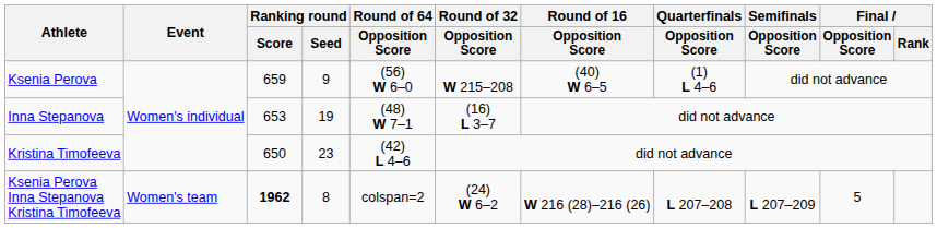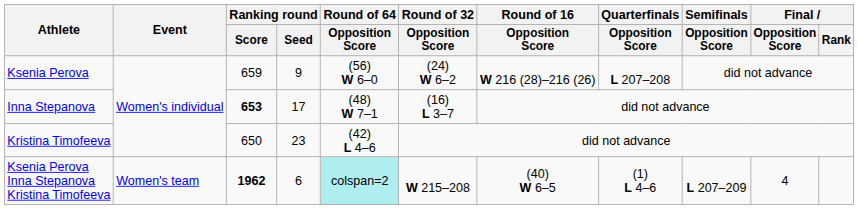 <table class="wikitable" style="font-size:90%">
 <tr>
 <th rowspan=2>Athlete</th>
 <th rowspan=2>Event</th>
 <th colspan="2">Ranking round</th>
 <th>Round of 64</th>
 <th>Round of 32</th>
 <th>Round of 16</th>
 <th>Quarterfinals</th>
 <th>Semifinals</th>
 <th colspan="2">Final / </th>
 </tr>
 <tr style="font-size:95%">
 <th>Score</th>
 <th>Seed</th>
 <th>Opposition<br>Score</th>
 <th>Opposition<br>Score</th>
 <th>Opposition<br>Score</th>
 <th>Opposition<br>Score</th>
 <th>Opposition<br>Score</th>
 <th>Opposition<br>Score</th>
 <th>Rank</th>
 </tr>
 <tr align=center>
 <td align=left><a href='#'>Ksenia Perova</a></td>
 <td align=left rowspan=3><a href='#'>Women's individual</a></td>
 <td>659</td>
 <td>9</td>
 <td> (56)<br><strong>W</strong> 6–0</td>
-<td><br><strong>W</strong> 215–208</td>
-<td> (40)<br><strong>W</strong> 6–5</td>
-<td> (1)<br><strong>L</strong> 4–6</td>
+<td> (24)<br><strong>W</strong> 6–2</td>
+<td><br><strong>W</strong> 216 (28)–216 (26)</td>
+<td><br><strong>L</strong> 207–208</td>
 <td colspan=3>did not advance</td>
 </tr>
 <tr align=center>
 <td align=left><a href='#'>Inna Stepanova</a></td>
-<td>653</td>
-<td>19</td>
+<td><strong>653</strong></td>
+<td>17</td>
 <td> (48)<br><strong>W</strong> 7–1</td>
 <td> (16)<br><strong>L</strong> 3–7</td>
 <td colspan=5>did not advance</td>
 </tr>
 <tr align=center>
 <td align=left><a href='#'>Kristina Timofeeva</a></td>
 <td>650</td>
 <td>23</td>
 <td> (42) <br><strong>L</strong> 4–6</td>
 <td colspan=6>did not advance</td>
 </tr>
 <tr align=center>
 <td align=left><a href='#'>Ksenia Perova</a><br><a href='#'>Inna Stepanova</a><br><a href='#'>Kristina Timofeeva</a></td>
 <td align=left><a href='#'>Women's team</a></td>
 <td><strong>1962</strong></td>
-<td>8</td>
-<td>colspan=2 </td>
-<td> (24)<br><strong>W</strong> 6–2</td>
-<td><br><strong>W</strong> 216 (28)–216 (26)</td>
-<td><br><strong>L</strong> 207–208</td>
+<td>6</td>
+<td style="background: paleturquoise;">colspan=2 </td>
+<td><br><strong>W</strong> 215–208</td>
+<td> (40)<br><strong>W</strong> 6–5</td>
+<td> (1)<br><strong>L</strong> 4–6</td>
 <td><br><strong>L</strong> 207–209</td>
-<td>5</td>
+<td>4</td>
 </tr>
 </table>
